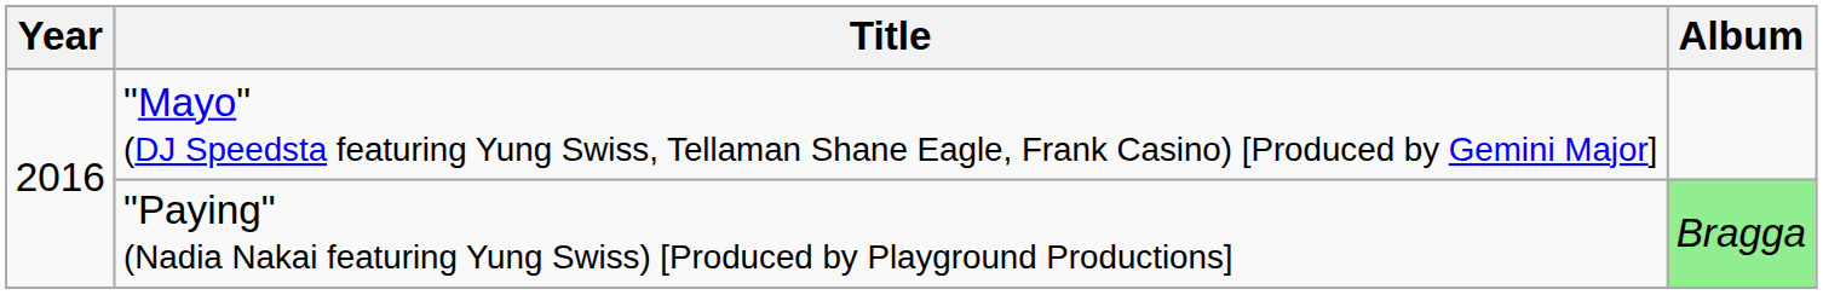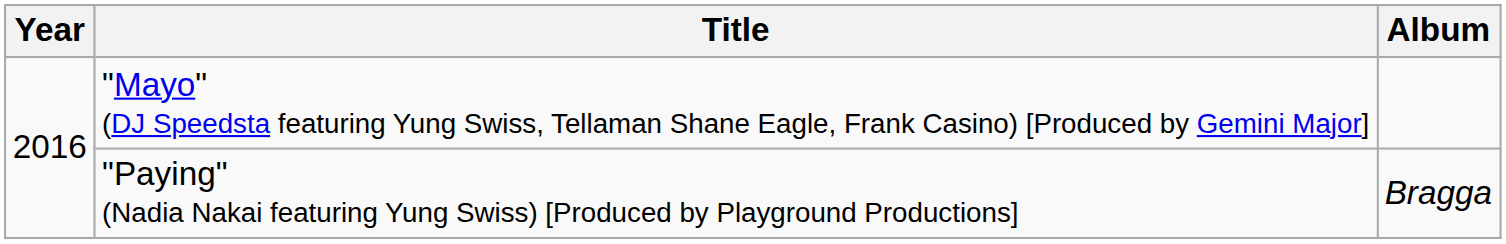 <table class="wikitable">
 <tr>
 <th>Year</th>
 <th>Title</th>
 <th>Album</th>
 </tr>
 <tr>
 <td rowspan="2">2016</td>
 <td>"<a href='#'>Mayo</a>"<br><small>(<a href='#'>DJ Speedsta</a> featuring Yung Swiss, Tellaman Shane Eagle, Frank Casino) [Produced by <a href='#'>Gemini Major</a>] </small></td>
 <td></td>
 </tr>
 <tr>
 <td>"Paying"<br><small>(Nadia Nakai featuring Yung Swiss) [Produced by Playground Productions]</small></td>
-<td style="background: lightgreen;"><em>Bragga</em></td>
+<td><em>Bragga</em></td>
 </tr>
 </table>
